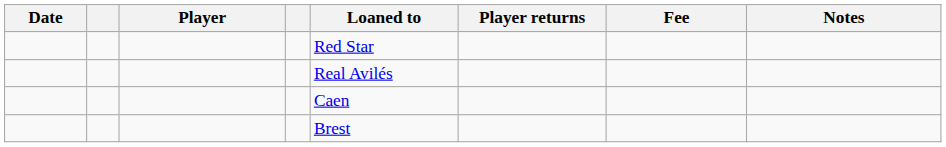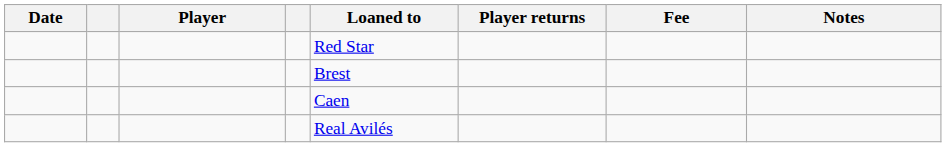 <table class="wikitable sortable">
 <tr>
 <th style="width:80px;">Date</th>
 <th style="width:30px;"></th>
 <th style="width:180px;">Player</th>
 <th style="width:20px;"></th>
 <th style="width:155px;">Loaned to</th>
 <th style="width:155px;">Player returns</th>
 <th style="width:155px;" class="unsortable">Fee</th>
 <th style="width:215px;" class="unsortable">Notes</th>
 </tr>
 <tr>
 <td></td>
 <td align=center></td>
 <td> </td>
 <td></td>
 <td> <a href='#'>Red Star</a></td>
 <td></td>
 <td align=center></td>
 <td align=center></td>
 </tr>
 <tr>
 <td></td>
 <td align=center></td>
 <td> </td>
 <td></td>
-<td> <a href='#'>Real Avilés</a></td>
+<td> <a href='#'>Brest</a></td>
 <td></td>
 <td align=center></td>
 <td align=center></td>
 </tr>
 <tr>
 <td></td>
 <td align=center></td>
 <td> </td>
 <td></td>
 <td> <a href='#'>Caen</a></td>
 <td></td>
 <td align=center></td>
 <td align=center></td>
 </tr>
 <tr>
 <td></td>
 <td align=center></td>
 <td> </td>
 <td></td>
-<td> <a href='#'>Brest</a></td>
+<td> <a href='#'>Real Avilés</a></td>
 <td></td>
 <td align=center></td>
 <td align=center></td>
 </tr>
 </table>
